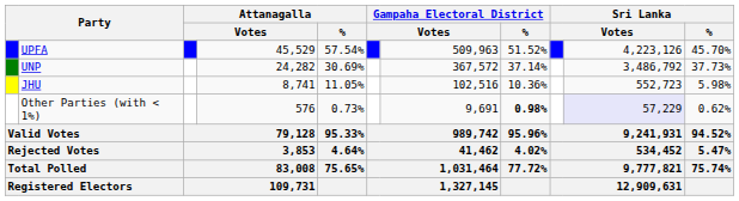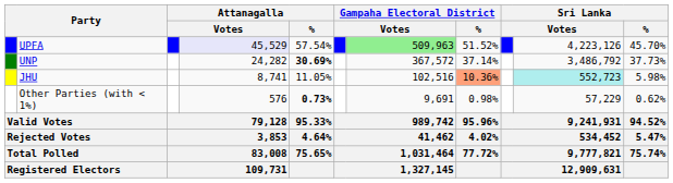 <table class="wikitable">
 <tr>
 <th colspan="2" width="144px"rowspan="2">Party</th>
 <th colspan="3" width="216px">Attanagalla</th>
 <th colspan="3" width="216px"><a href='#'>Gampaha Electoral District</a></th>
 <th colspan="3" width="216px">Sri Lanka</th>
 </tr>
 <tr>
 <th colspan="2" width="144px">Votes</th>
 <th>%</th>
 <th colspan="2" width="144px">Votes</th>
 <th>%</th>
 <th colspan="2" width="144px">Votes</th>
 <th>%</th>
 </tr>
 <tr>
 <td style="background-color:blue;" width="10px"></td>
 <td style="text-align:left;"><a href='#'>UPFA</a></td>
 <td style="background-color:blue;" width="10px"></td>
-<td style="text-align:right;">45,529</td>
+<td style="background: lavender; text-align:right;">45,529</td>
 <td style="text-align:right;">57.54%</td>
 <td style="background-color:blue;" width="10px"></td>
-<td style="text-align:right;">509,963</td>
+<td style="background: lightgreen; text-align:right;">509,963</td>
 <td style="text-align:right;">51.52%</td>
 <td style="background-color:blue;" width="10px"></td>
 <td style="text-align:right;">4,223,126</td>
 <td style="text-align:right;">45.70%</td>
 </tr>
 <tr>
 <td style="background-color:green;" width="10px"></td>
 <td style="text-align:left;"><a href='#'>UNP</a></td>
 <td style="background-color:white;" width="10px"></td>
 <td style="text-align:right;">24,282</td>
-<td style="text-align:right;">30.69%</td>
+<td style="text-align:right;"><strong>30.69%</strong></td>
 <td style="background-color:white;" width="10px"></td>
 <td style="text-align:right;">367,572</td>
 <td style="text-align:right;">37.14%</td>
 <td style="background-color:white;" width="10px"></td>
 <td style="text-align:right;">3,486,792</td>
 <td style="text-align:right;">37.73%</td>
 </tr>
 <tr>
 <td style="background-color:yellow;" width="10px"></td>
 <td style="text-align:left;"><a href='#'>JHU</a></td>
 <td style="background-color:white;" width="10px"></td>
 <td style="text-align:right;">8,741</td>
 <td style="text-align:right;">11.05%</td>
 <td style="background-color:white;" width="10px"></td>
 <td style="text-align:right;">102,516</td>
-<td style="text-align:right;">10.36%</td>
+<td style="background: lightsalmon; text-align:right;">10.36%</td>
 <td style="background-color:white;" width="10px"></td>
-<td style="text-align:right;">552,723</td>
+<td style="background: paleturquoise; text-align:right;">552,723</td>
 <td style="text-align:right;">5.98%</td>
 </tr>
 <tr>
 <td style="background-color:white;" width="10px"></td>
 <td style="text-align:left;">Other Parties (with < 1%)</td>
 <td style="background-color:white;" width="10px"></td>
 <td style="text-align:right;">576</td>
-<td style="text-align:right;">0.73%</td>
+<td style="text-align:right;"><strong>0.73%</strong></td>
 <td style="background-color:white;" width="10px"></td>
 <td style="text-align:right;">9,691</td>
-<td style="text-align:right;"><strong>0.98%</strong></td>
+<td style="text-align:right;">0.98%</td>
 <td style="background-color:white;" width="10px"></td>
-<td style="background: lavender; text-align:right;">57,229</td>
+<td style="text-align:right;">57,229</td>
 <td style="text-align:right;">0.62%</td>
 </tr>
 <tr>
 <th colspan="2" width="144px"style="text-align:left;">Valid Votes</th>
 <th style="text-align:right;"colspan="2" width="144px">79,128</th>
 <th style="text-align:right;">95.33%</th>
 <th style="text-align:right;"colspan="2" width="144px">989,742</th>
 <th style="text-align:right;">95.96%</th>
 <th style="text-align:right;"colspan="2" width="144px">9,241,931</th>
 <th style="text-align:right;">94.52%</th>
 </tr>
 <tr>
 <th colspan="2" width="144px"style="text-align:left;">Rejected Votes</th>
 <th style="text-align:right;"colspan="2" width="144px">3,853</th>
 <th style="text-align:right;">4.64%</th>
 <th style="text-align:right;"colspan="2" width="144px">41,462</th>
 <th style="text-align:right;">4.02%</th>
 <th style="text-align:right;"colspan="2" width="144px">534,452</th>
 <th style="text-align:right;">5.47%</th>
 </tr>
 <tr>
 <th colspan="2" width="144px"style="text-align:left;">Total Polled</th>
 <th style="text-align:right;"colspan="2" width="144px">83,008</th>
 <th style="text-align:right;">75.65%</th>
 <th style="text-align:right;"colspan="2" width="144px">1,031,464</th>
 <th style="text-align:right;">77.72%</th>
 <th style="text-align:right;"colspan="2" width="144px">9,777,821</th>
 <th style="text-align:right;">75.74%</th>
 </tr>
 <tr>
 <th colspan="2" width="144px"style="text-align:left;">Registered Electors</th>
 <th style="text-align:right;"colspan="2" width="144px">109,731</th>
 <th></th>
 <th style="text-align:right;"colspan="2" width="144px">1,327,145</th>
 <th></th>
 <th style="text-align:right;"colspan="2" width="144px">12,909,631</th>
 <th></th>
 </tr>
 </table>
